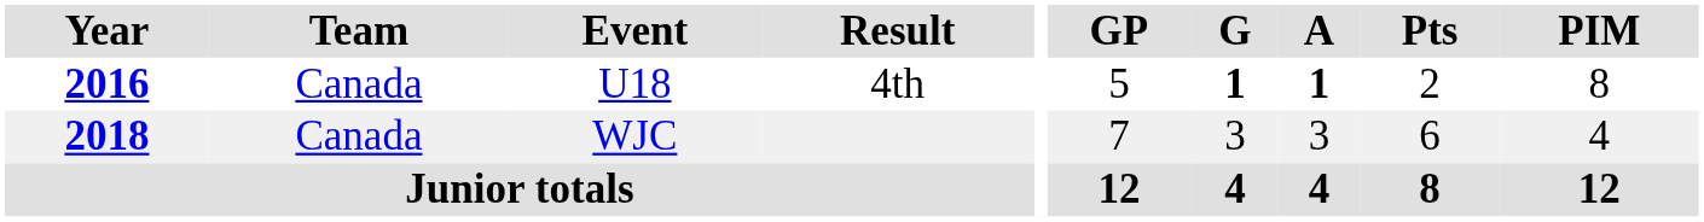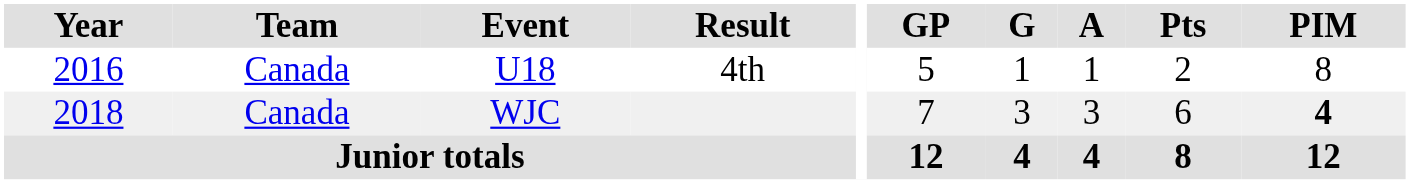 <table border="0" cellpadding="1" cellspacing="0" ID="Table3" style="text-align:center; width:40em;">
 <tr bgcolor="#e0e0e0">
 <th>Year</th>
 <th>Team</th>
 <th>Event</th>
 <th>Result</th>
 <th rowspan="99" bgcolor="#ffffff"></th>
 <th>GP</th>
 <th>G</th>
 <th>A</th>
 <th>Pts</th>
 <th>PIM</th>
 </tr>
 <tr>
-<td><strong><a href='#'>2016</a></strong></td>
+<td><a href='#'>2016</a></td>
 <td><a href='#'>Canada</a></td>
 <td><a href='#'>U18</a></td>
 <td>4th</td>
 <td>5</td>
-<td><strong>1</strong></td>
-<td><strong>1</strong></td>
+<td>1</td>
+<td>1</td>
 <td>2</td>
 <td>8</td>
 </tr>
 <tr bgcolor="#f0f0f0">
-<td><strong><a href='#'>2018</a></strong></td>
+<td><a href='#'>2018</a></td>
 <td><a href='#'>Canada</a></td>
 <td><a href='#'>WJC</a></td>
 <td></td>
 <td>7</td>
 <td>3</td>
 <td>3</td>
 <td>6</td>
-<td>4</td>
+<td><strong>4</strong></td>
 </tr>
 <tr bgcolor="#e0e0e0">
 <th colspan="4">Junior totals</th>
 <th>12</th>
 <th>4</th>
 <th>4</th>
 <th>8</th>
 <th>12</th>
 </tr>
 </table>
